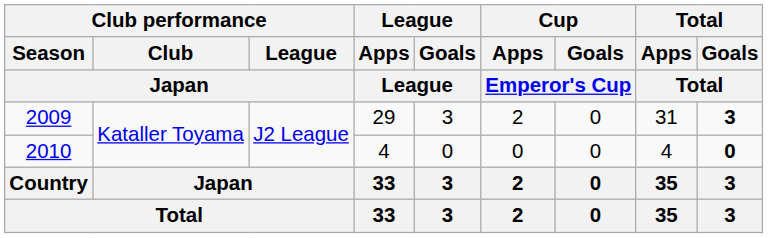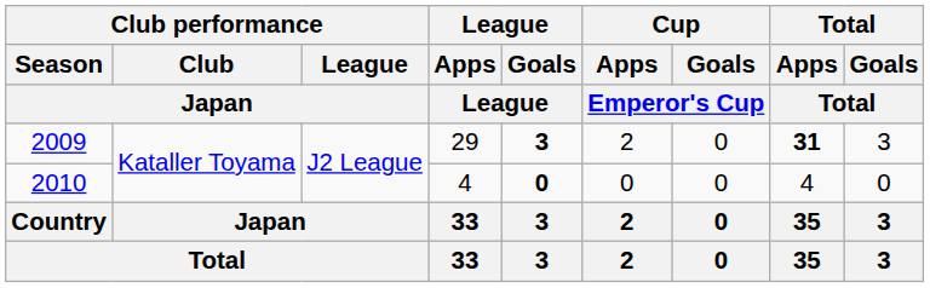 <table class="wikitable" style="text-align:center;">
 <tr>
 <th colspan=3>Club performance</th>
 <th colspan=2>League</th>
 <th colspan=2>Cup</th>
 <th colspan=2>Total</th>
 </tr>
 <tr>
 <th>Season</th>
 <th>Club</th>
 <th>League</th>
 <th>Apps</th>
 <th>Goals</th>
 <th>Apps</th>
 <th>Goals</th>
 <th>Apps</th>
 <th>Goals</th>
 </tr>
 <tr>
 <th colspan=3>Japan</th>
 <th colspan=2>League</th>
 <th colspan=2><a href='#'>Emperor's Cup</a></th>
 <th colspan=2>Total</th>
 </tr>
 <tr colspan="2"|->
 <td><a href='#'>2009</a></td>
 <td rowspan="2"><a href='#'>Kataller Toyama</a></td>
 <td rowspan="2"><a href='#'>J2 League</a></td>
 <td>29</td>
-<td>3</td>
+<td><strong>3</strong></td>
 <td>2</td>
 <td>0</td>
-<td>31</td>
-<td><strong>3</strong></td>
+<td><strong>31</strong></td>
+<td>3</td>
 </tr>
 <tr>
 <td><a href='#'>2010</a></td>
 <td>4</td>
-<td>0</td>
+<td><strong>0</strong></td>
 <td>0</td>
 <td>0</td>
 <td>4</td>
-<td><strong>0</strong></td>
+<td>0</td>
 </tr>
 <tr>
 <th rowspan=1>Country</th>
 <th colspan=2>Japan</th>
 <th>33</th>
 <th>3</th>
 <th>2</th>
 <th>0</th>
 <th>35</th>
 <th>3</th>
 </tr>
 <tr>
 <th colspan=3>Total</th>
 <th>33</th>
 <th>3</th>
 <th>2</th>
 <th>0</th>
 <th>35</th>
 <th>3</th>
 </tr>
 </table>
